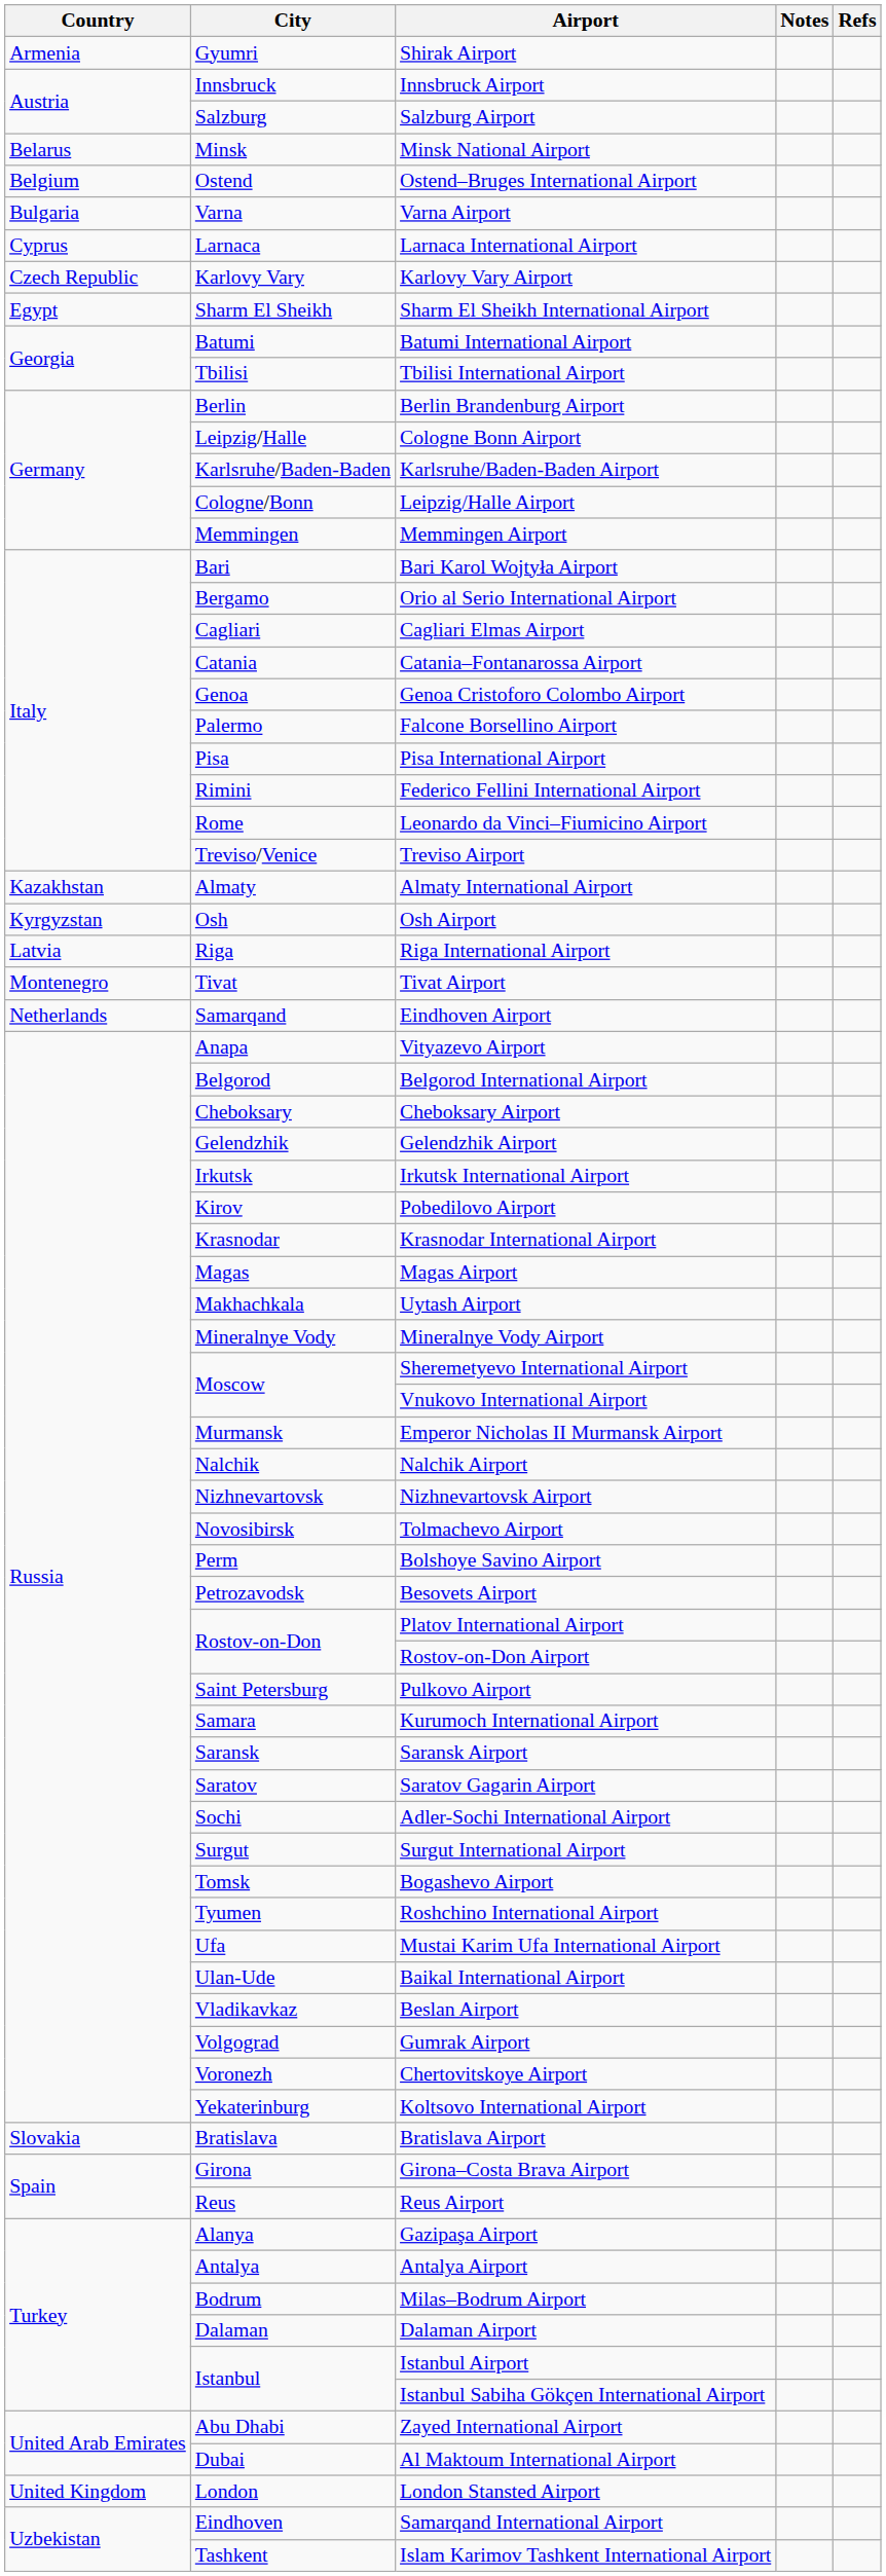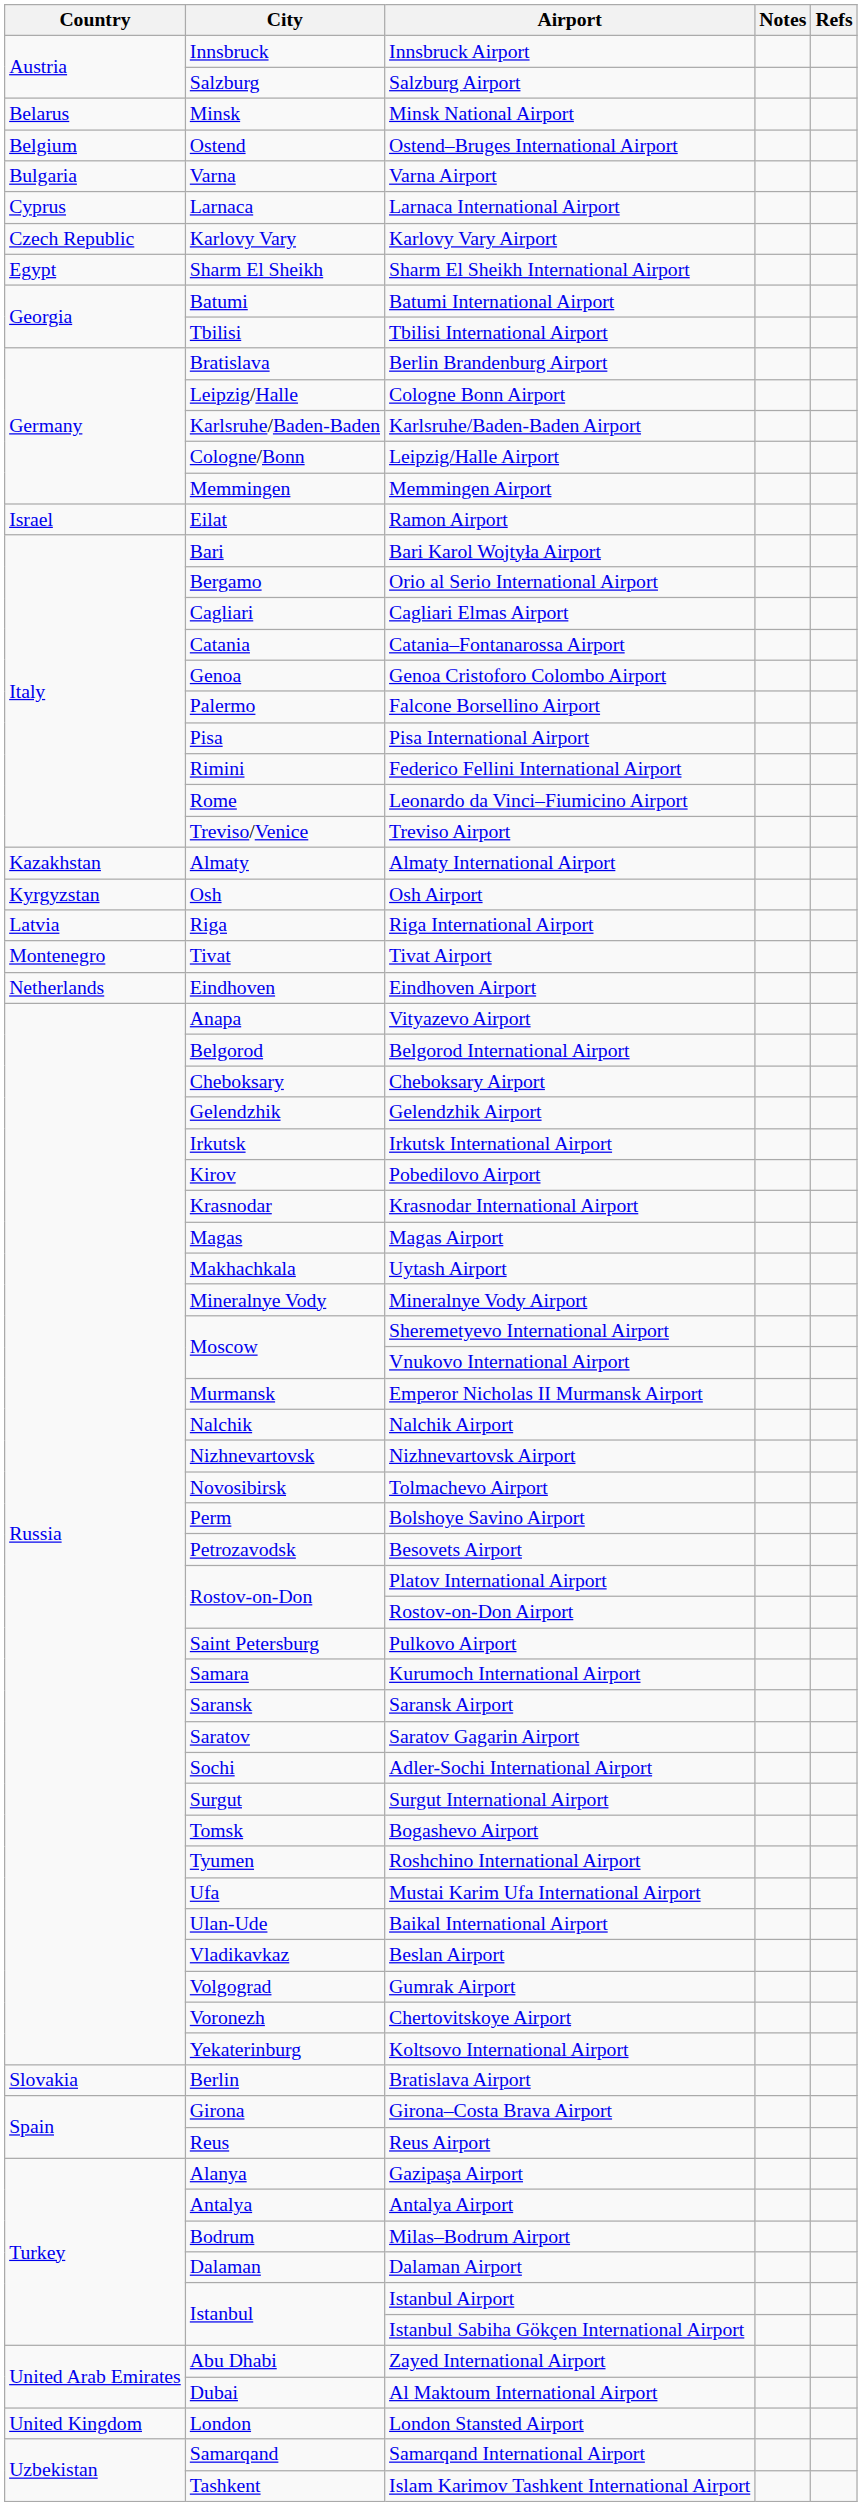 <table class="sortable wikitable">
 <tr>
 <th>Country</th>
 <th>City</th>
 <th>Airport</th>
 <th>Notes</th>
 <th>Refs</th>
-</tr>
-<tr>
-<td><a href='#'>Armenia</a></td>
-<td><a href='#'>Gyumri</a></td>
-<td><a href='#'>Shirak Airport</a></td>
-<td align=center></td>
-<td align="center"></td>
 </tr>
 <tr>
 <td rowspan="2"><a href='#'>Austria</a></td>
 <td><a href='#'>Innsbruck</a></td>
 <td><a href='#'>Innsbruck Airport</a></td>
 <td></td>
 <td align=center></td>
 </tr>
 <tr>
 <td><a href='#'>Salzburg</a></td>
 <td><a href='#'>Salzburg Airport</a></td>
 <td></td>
 <td align=center></td>
 </tr>
 <tr>
 <td><a href='#'>Belarus</a></td>
 <td><a href='#'>Minsk</a></td>
 <td><a href='#'>Minsk National Airport</a></td>
 <td align="lcenter"></td>
 <td align=center></td>
 </tr>
 <tr>
 <td><a href='#'>Belgium</a></td>
 <td><a href='#'>Ostend</a></td>
 <td><a href='#'>Ostend–Bruges International Airport</a></td>
 <td></td>
 <td align=center></td>
 </tr>
 <tr>
 <td><a href='#'>Bulgaria</a></td>
 <td><a href='#'>Varna</a></td>
 <td><a href='#'>Varna Airport</a></td>
 <td></td>
 <td align=center></td>
 </tr>
 <tr>
 <td><a href='#'>Cyprus</a></td>
 <td><a href='#'>Larnaca</a></td>
 <td><a href='#'>Larnaca International Airport</a></td>
 <td></td>
 <td align=center></td>
 </tr>
 <tr>
 <td><a href='#'>Czech Republic</a></td>
 <td><a href='#'>Karlovy Vary</a></td>
 <td><a href='#'>Karlovy Vary Airport</a></td>
 <td></td>
 <td align=center></td>
 </tr>
 <tr>
 <td><a href='#'>Egypt</a></td>
 <td><a href='#'>Sharm El Sheikh</a></td>
 <td><a href='#'>Sharm El Sheikh International Airport</a></td>
 <td align=center></td>
 <td align=center></td>
 </tr>
 <tr>
 <td rowspan="2"><a href='#'>Georgia</a></td>
 <td><a href='#'>Batumi</a></td>
 <td><a href='#'>Batumi International Airport</a></td>
 <td></td>
 <td align=center></td>
 </tr>
 <tr>
 <td><a href='#'>Tbilisi</a></td>
 <td><a href='#'>Tbilisi International Airport</a></td>
 <td></td>
 <td align=center></td>
 </tr>
 <tr>
 <td rowspan="5"><a href='#'>Germany</a></td>
-<td><a href='#'>Berlin</a></td>
+<td><a href='#'>Bratislava</a></td>
 <td><a href='#'>Berlin Brandenburg Airport</a></td>
 <td></td>
 <td align=center></td>
 </tr>
 <tr>
 <td><a href='#'>Leipzig</a>/<a href='#'>Halle</a></td>
 <td><a href='#'>Cologne Bonn Airport</a></td>
 <td></td>
 <td align=center></td>
 </tr>
 <tr>
 <td><a href='#'>Karlsruhe</a>/<a href='#'>Baden-Baden</a></td>
 <td><a href='#'>Karlsruhe/Baden-Baden Airport</a></td>
 <td></td>
 <td align=center></td>
 </tr>
 <tr>
 <td><a href='#'>Cologne</a>/<a href='#'>Bonn</a></td>
 <td><a href='#'>Leipzig/Halle Airport</a></td>
 <td></td>
 <td align=center></td>
 </tr>
 <tr>
 <td><a href='#'>Memmingen</a></td>
 <td><a href='#'>Memmingen Airport</a></td>
+<td></td>
+<td align=center></td>
+</tr>
+<tr>
+<td><a href='#'>Israel</a></td>
+<td><a href='#'>Eilat</a></td>
+<td><a href='#'>Ramon Airport</a></td>
 <td></td>
 <td align=center></td>
 </tr>
 <tr>
 <td rowspan="10"><a href='#'>Italy</a></td>
 <td><a href='#'>Bari</a></td>
 <td><a href='#'>Bari Karol Wojtyła Airport</a></td>
 <td></td>
 <td align=center></td>
 </tr>
 <tr>
 <td><a href='#'>Bergamo</a></td>
 <td><a href='#'>Orio al Serio International Airport</a></td>
 <td></td>
 <td align=center></td>
 </tr>
 <tr>
 <td><a href='#'>Cagliari</a></td>
 <td><a href='#'>Cagliari Elmas Airport</a></td>
 <td></td>
 <td align=center></td>
 </tr>
 <tr>
 <td><a href='#'>Catania</a></td>
 <td><a href='#'>Catania–Fontanarossa Airport</a></td>
 <td></td>
 <td align=center></td>
 </tr>
 <tr>
 <td><a href='#'>Genoa</a></td>
 <td><a href='#'>Genoa Cristoforo Colombo Airport</a></td>
 <td></td>
 <td align=center></td>
 </tr>
 <tr>
 <td><a href='#'>Palermo</a></td>
 <td><a href='#'>Falcone Borsellino Airport</a></td>
 <td></td>
 <td align=center></td>
 </tr>
 <tr>
 <td><a href='#'>Pisa</a></td>
 <td><a href='#'>Pisa International Airport</a></td>
 <td></td>
 <td align=center></td>
 </tr>
 <tr>
 <td><a href='#'>Rimini</a></td>
 <td><a href='#'>Federico Fellini International Airport</a></td>
 <td></td>
 <td align=center></td>
 </tr>
 <tr>
 <td><a href='#'>Rome</a></td>
 <td><a href='#'>Leonardo da Vinci–Fiumicino Airport</a></td>
 <td></td>
 <td align=center></td>
 </tr>
 <tr>
 <td><a href='#'>Treviso</a>/<a href='#'>Venice</a></td>
 <td><a href='#'>Treviso Airport</a></td>
 <td></td>
 <td align=center></td>
 </tr>
 <tr>
 <td><a href='#'>Kazakhstan</a></td>
 <td><a href='#'>Almaty</a></td>
 <td><a href='#'>Almaty International Airport</a></td>
 <td align=center></td>
 <td align=center></td>
 </tr>
 <tr>
 <td><a href='#'>Kyrgyzstan</a></td>
 <td><a href='#'>Osh</a></td>
 <td><a href='#'>Osh Airport</a></td>
 <td></td>
 <td align="center"></td>
 </tr>
 <tr>
 <td><a href='#'>Latvia</a></td>
 <td><a href='#'>Riga</a></td>
 <td><a href='#'>Riga International Airport</a></td>
 <td></td>
 <td align=center></td>
 </tr>
 <tr>
 <td><a href='#'>Montenegro</a></td>
 <td><a href='#'>Tivat</a></td>
 <td><a href='#'>Tivat Airport</a></td>
 <td></td>
 <td align=center></td>
 </tr>
 <tr>
 <td><a href='#'>Netherlands</a></td>
-<td><a href='#'>Samarqand</a></td>
+<td><a href='#'>Eindhoven</a></td>
 <td><a href='#'>Eindhoven Airport</a></td>
 <td></td>
 <td align=center></td>
 </tr>
 <tr>
 <td rowspan="34"><a href='#'>Russia</a></td>
 <td><a href='#'>Anapa</a></td>
 <td><a href='#'>Vityazevo Airport</a></td>
 <td></td>
 <td align=center></td>
 </tr>
 <tr>
 <td><a href='#'>Belgorod</a></td>
 <td><a href='#'>Belgorod International Airport</a></td>
 <td align=center></td>
 <td align=center></td>
 </tr>
 <tr>
 <td><a href='#'>Cheboksary</a></td>
 <td><a href='#'>Cheboksary Airport</a></td>
 <td align=center></td>
 <td align=center></td>
 </tr>
 <tr>
 <td><a href='#'>Gelendzhik</a></td>
 <td><a href='#'>Gelendzhik Airport</a></td>
 <td align=center></td>
 <td align=center></td>
 </tr>
 <tr>
 <td><a href='#'>Irkutsk</a></td>
 <td><a href='#'>Irkutsk International Airport</a></td>
 <td></td>
 <td align=center></td>
 </tr>
 <tr>
 <td><a href='#'>Kirov</a></td>
 <td><a href='#'>Pobedilovo Airport</a></td>
 <td align=center></td>
 <td align=center></td>
 </tr>
 <tr>
 <td><a href='#'>Krasnodar</a></td>
 <td><a href='#'>Krasnodar International Airport</a></td>
 <td align="center"></td>
 <td align=center></td>
 </tr>
 <tr>
 <td><a href='#'>Magas</a></td>
 <td><a href='#'>Magas Airport</a></td>
 <td align=center></td>
 <td align=center></td>
 </tr>
 <tr>
 <td><a href='#'>Makhachkala</a></td>
 <td><a href='#'>Uytash Airport</a></td>
 <td align=center></td>
 <td align=center></td>
 </tr>
 <tr>
 <td><a href='#'>Mineralnye Vody</a></td>
 <td><a href='#'>Mineralnye Vody Airport</a></td>
 <td align=center></td>
 <td align=center></td>
 </tr>
 <tr>
 <td rowspan="2"><a href='#'>Moscow</a></td>
 <td><a href='#'>Sheremetyevo International Airport</a></td>
 <td></td>
 <td align=center></td>
 </tr>
 <tr>
 <td><a href='#'>Vnukovo International Airport</a></td>
 <td></td>
 <td align=center></td>
 </tr>
 <tr>
 <td><a href='#'>Murmansk</a></td>
 <td><a href='#'>Emperor Nicholas II Murmansk Airport</a></td>
 <td></td>
 <td align=center></td>
 </tr>
 <tr>
 <td><a href='#'>Nalchik</a></td>
 <td><a href='#'>Nalchik Airport</a></td>
 <td></td>
 <td align=center></td>
 </tr>
 <tr>
 <td><a href='#'>Nizhnevartovsk</a></td>
 <td><a href='#'>Nizhnevartovsk Airport</a></td>
 <td align=center></td>
 <td align=center></td>
 </tr>
 <tr>
 <td><a href='#'>Novosibirsk</a></td>
 <td><a href='#'>Tolmachevo Airport</a></td>
 <td align=center></td>
 <td align=center></td>
 </tr>
 <tr>
 <td><a href='#'>Perm</a></td>
 <td><a href='#'>Bolshoye Savino Airport</a></td>
 <td align=center></td>
 <td align=center></td>
 </tr>
 <tr>
 <td><a href='#'>Petrozavodsk</a></td>
 <td><a href='#'>Besovets Airport</a></td>
 <td align=center></td>
 <td align=center></td>
 </tr>
 <tr>
 <td rowspan="2"><a href='#'>Rostov-on-Don</a></td>
 <td><a href='#'>Platov International Airport</a></td>
 <td></td>
 <td align=center></td>
 </tr>
 <tr>
 <td><a href='#'>Rostov-on-Don Airport</a></td>
 <td></td>
 <td align=center></td>
 </tr>
 <tr>
 <td><a href='#'>Saint Petersburg</a></td>
 <td><a href='#'>Pulkovo Airport</a></td>
 <td></td>
 <td align=center></td>
 </tr>
 <tr>
 <td><a href='#'>Samara</a></td>
 <td><a href='#'>Kurumoch International Airport</a></td>
 <td></td>
 <td align=center></td>
 </tr>
 <tr>
 <td><a href='#'>Saransk</a></td>
 <td><a href='#'>Saransk Airport</a></td>
 <td></td>
 <td align=center></td>
 </tr>
 <tr>
 <td><a href='#'>Saratov</a></td>
 <td><a href='#'>Saratov Gagarin Airport</a></td>
 <td align=center></td>
 <td align=center></td>
 </tr>
 <tr>
 <td><a href='#'>Sochi</a></td>
 <td><a href='#'>Adler-Sochi International Airport</a></td>
 <td></td>
 <td align=center></td>
 </tr>
 <tr>
 <td><a href='#'>Surgut</a></td>
 <td><a href='#'>Surgut International Airport</a></td>
 <td align=center></td>
 <td align=center></td>
 </tr>
 <tr>
 <td><a href='#'>Tomsk</a></td>
 <td><a href='#'>Bogashevo Airport</a></td>
 <td align=center></td>
 <td align=center></td>
 </tr>
 <tr>
 <td><a href='#'>Tyumen</a></td>
 <td><a href='#'>Roshchino International Airport</a></td>
 <td align=center></td>
 <td align=center></td>
 </tr>
 <tr>
 <td><a href='#'>Ufa</a></td>
 <td><a href='#'>Mustai Karim Ufa International Airport</a></td>
 <td align=center></td>
 <td align=center></td>
 </tr>
 <tr>
 <td><a href='#'>Ulan-Ude</a></td>
 <td><a href='#'>Baikal International Airport</a></td>
 <td></td>
 <td align=center></td>
 </tr>
 <tr>
 <td><a href='#'>Vladikavkaz</a></td>
 <td><a href='#'>Beslan Airport</a></td>
 <td align=center></td>
 <td align=center></td>
 </tr>
 <tr>
 <td><a href='#'>Volgograd</a></td>
 <td><a href='#'>Gumrak Airport</a></td>
 <td align=center></td>
 <td align=center></td>
 </tr>
 <tr>
 <td><a href='#'>Voronezh</a></td>
 <td><a href='#'>Chertovitskoye Airport</a></td>
 <td></td>
 <td align=center></td>
 </tr>
 <tr>
 <td><a href='#'>Yekaterinburg</a></td>
 <td><a href='#'>Koltsovo International Airport</a></td>
 <td align=center></td>
 <td align=center></td>
 </tr>
 <tr>
 <td><a href='#'>Slovakia</a></td>
-<td><a href='#'>Bratislava</a></td>
+<td><a href='#'>Berlin</a></td>
 <td><a href='#'>Bratislava Airport</a></td>
 <td></td>
 <td align=center></td>
 </tr>
 <tr>
 <td rowspan="2"><a href='#'>Spain</a></td>
 <td><a href='#'>Girona</a></td>
 <td><a href='#'>Girona–Costa Brava Airport</a></td>
 <td></td>
 <td align=center></td>
 </tr>
 <tr>
 <td><a href='#'>Reus</a></td>
 <td><a href='#'>Reus Airport</a></td>
 <td></td>
 <td align=center></td>
 </tr>
 <tr>
 <td rowspan="6"><a href='#'>Turkey</a></td>
 <td><a href='#'>Alanya</a></td>
 <td><a href='#'>Gazipaşa Airport</a></td>
 <td align=center></td>
 <td align=center></td>
 </tr>
 <tr>
 <td><a href='#'>Antalya</a></td>
 <td><a href='#'>Antalya Airport</a></td>
 <td align=center></td>
 <td align=center></td>
 </tr>
 <tr>
 <td><a href='#'>Bodrum</a></td>
 <td><a href='#'>Milas–Bodrum Airport</a></td>
 <td></td>
 <td align=center></td>
 </tr>
 <tr>
 <td><a href='#'>Dalaman</a></td>
 <td><a href='#'>Dalaman Airport</a></td>
 <td></td>
 <td align=center></td>
 </tr>
 <tr>
 <td rowspan="2"><a href='#'>Istanbul</a></td>
 <td><a href='#'>Istanbul Airport</a></td>
 <td align=center></td>
 <td align=center></td>
 </tr>
 <tr>
 <td><a href='#'>Istanbul Sabiha Gökçen International Airport</a></td>
 <td></td>
 <td align=center></td>
 </tr>
 <tr>
 <td rowspan="2"><a href='#'>United Arab Emirates</a></td>
 <td><a href='#'>Abu Dhabi</a></td>
 <td><a href='#'>Zayed International Airport</a></td>
 <td></td>
 <td align=center></td>
 </tr>
 <tr>
 <td><a href='#'>Dubai</a></td>
 <td><a href='#'>Al Maktoum International Airport</a></td>
 <td></td>
 <td align=center></td>
 </tr>
 <tr>
 <td><a href='#'>United Kingdom</a></td>
 <td><a href='#'>London</a></td>
 <td><a href='#'>London Stansted Airport</a></td>
 <td></td>
 <td align=center></td>
 </tr>
 <tr>
 <td rowspan="2"><a href='#'>Uzbekistan</a></td>
-<td><a href='#'>Eindhoven</a></td>
+<td><a href='#'>Samarqand</a></td>
 <td><a href='#'>Samarqand International Airport</a></td>
 <td></td>
 <td align=center></td>
 </tr>
 <tr>
 <td><a href='#'>Tashkent</a></td>
 <td><a href='#'>Islam Karimov Tashkent International Airport</a></td>
 <td></td>
 <td align="center"></td>
 </tr>
 </table>
